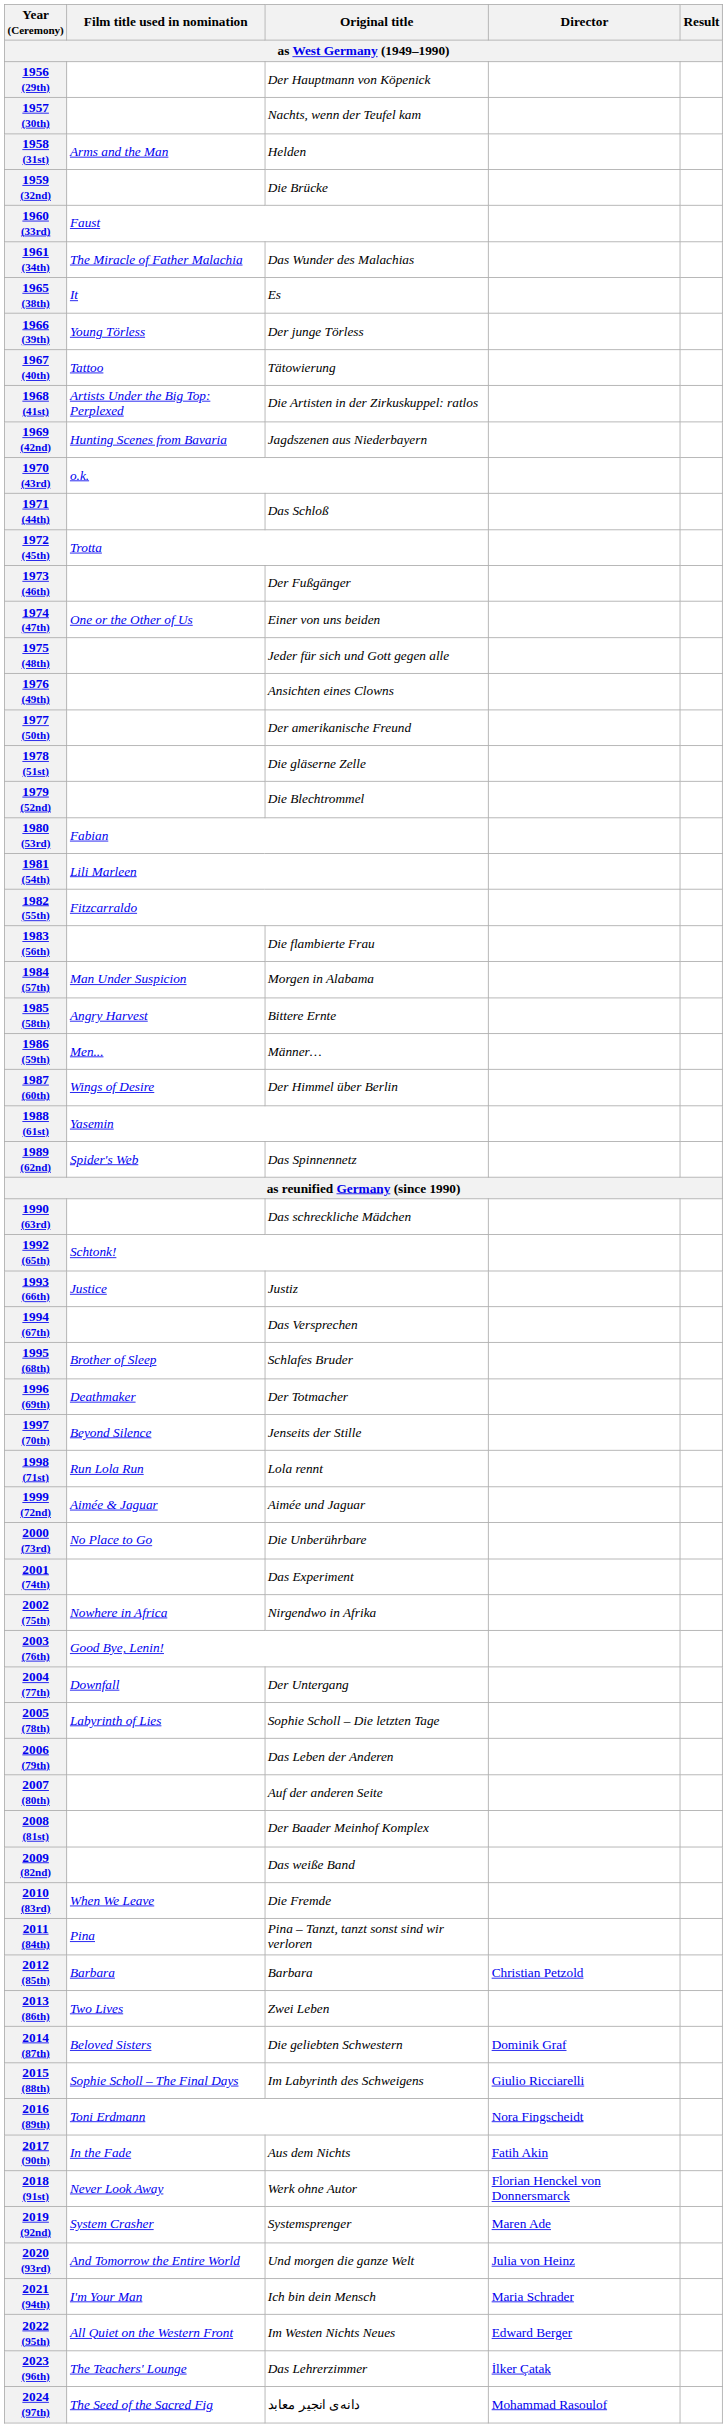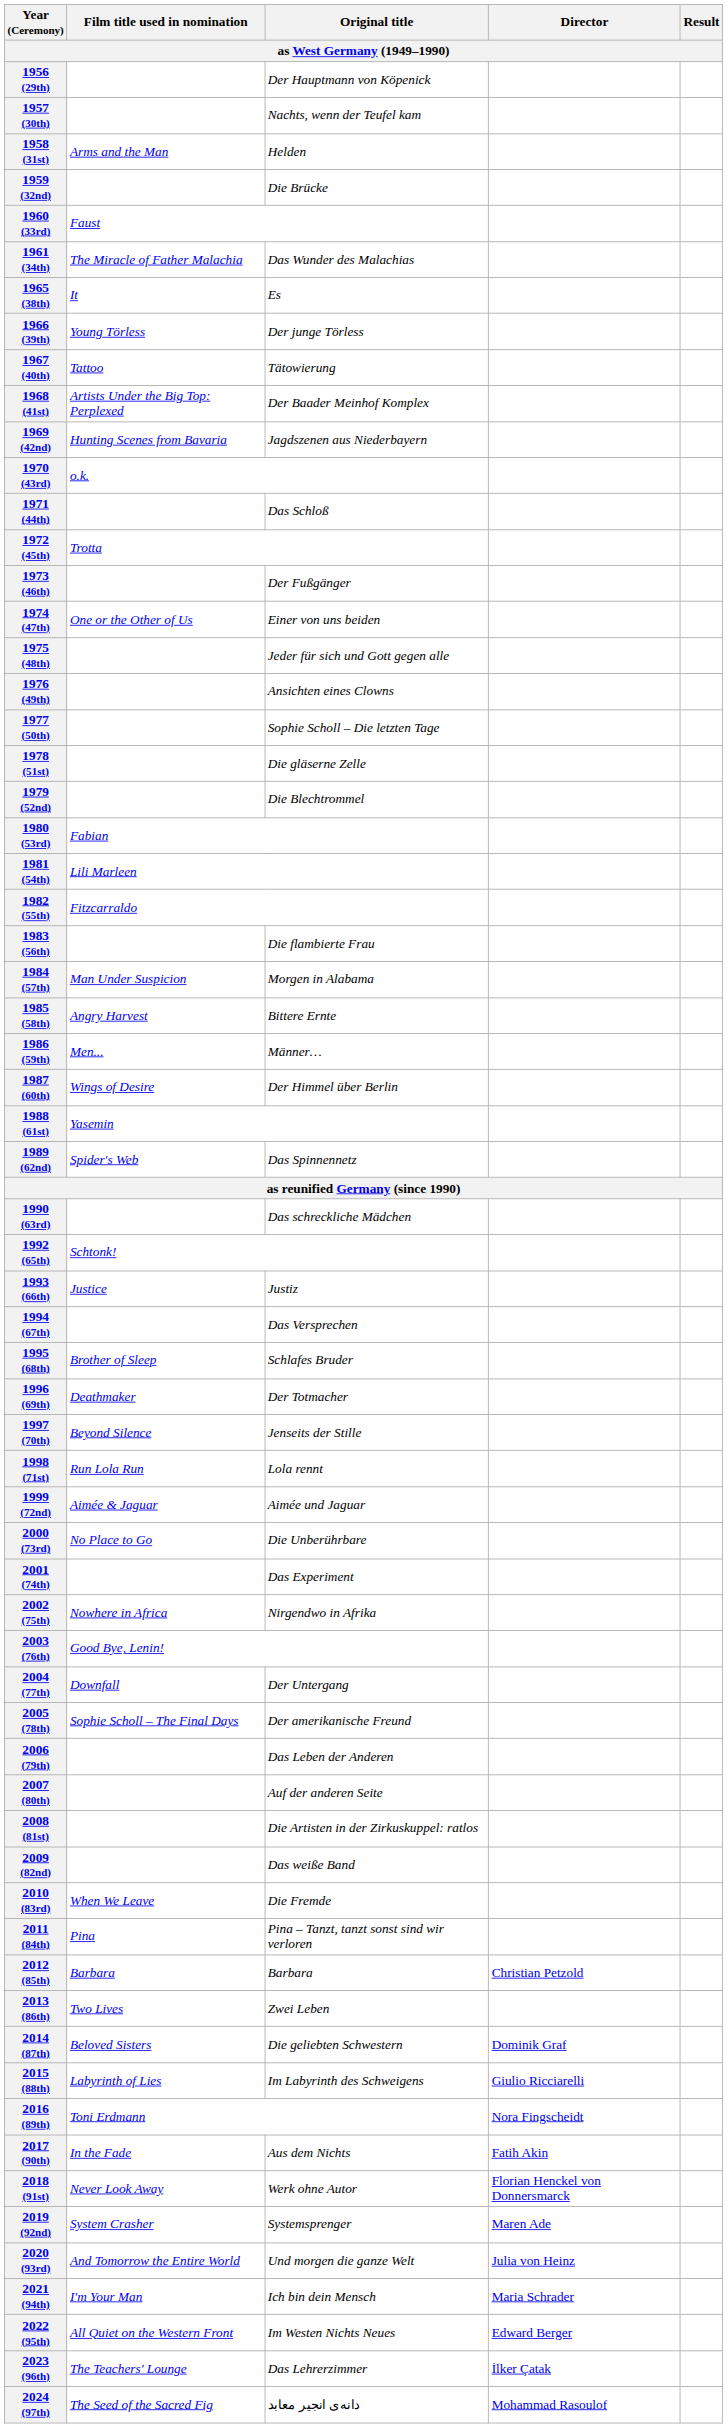 <table class="wikitable" width="98%" style="background:#ffffff;">
 <tr>
 <th>Year<br><small>(Ceremony)</small></th>
 <th>Film title used in nomination</th>
 <th>Original title</th>
 <th>Director</th>
 <th>Result</th>
 </tr>
 <tr>
 <th colspan="5">as <a href='#'>West Germany</a> (1949–1990)</th>
 </tr>
 <tr>
 <th align="center"><a href='#'>1956</a><br><small><a href='#'>(29th)</a></small></th>
 <td></td>
 <td><em>Der Hauptmann von Köpenick</em></td>
 <td></td>
 <td></td>
 </tr>
 <tr>
 <th align="center"><a href='#'>1957</a><br><small><a href='#'>(30th)</a></small></th>
 <td></td>
 <td><em>Nachts, wenn der Teufel kam</em></td>
 <td></td>
 <td></td>
 </tr>
 <tr>
 <th align="center"><a href='#'>1958</a><br><small><a href='#'>(31st)</a></small></th>
 <td><em><a href='#'>Arms and the Man</a></em></td>
 <td><em>Helden</em></td>
 <td></td>
 <td></td>
 </tr>
 <tr>
 <th align="center"><a href='#'>1959</a><br><small><a href='#'>(32nd)</a></small></th>
 <td></td>
 <td><em>Die Brücke</em></td>
 <td></td>
 <td></td>
 </tr>
 <tr>
 <th align="center"><a href='#'>1960</a><br><small><a href='#'>(33rd)</a></small></th>
 <td colspan="2"><em><a href='#'>Faust</a></em></td>
 <td></td>
 <td></td>
 </tr>
 <tr>
 <th align="center"><a href='#'>1961</a><br><small><a href='#'>(34th)</a></small></th>
 <td><em><a href='#'>The Miracle of Father Malachia</a></em></td>
 <td><em>Das Wunder des Malachias</em></td>
 <td></td>
 <td></td>
 </tr>
 <tr>
 <th align="center"><a href='#'>1965</a><br><small><a href='#'>(38th)</a></small></th>
 <td><em><a href='#'>It</a></em></td>
 <td><em>Es</em></td>
 <td></td>
 <td></td>
 </tr>
 <tr>
 <th align="center"><a href='#'>1966</a><br><small><a href='#'>(39th)</a></small></th>
 <td><em><a href='#'>Young Törless</a></em></td>
 <td><em>Der junge Törless</em></td>
 <td></td>
 <td></td>
 </tr>
 <tr>
 <th align="center"><a href='#'>1967</a><br><small><a href='#'>(40th)</a></small></th>
 <td><em><a href='#'>Tattoo</a></em></td>
 <td><em>Tätowierung</em></td>
 <td></td>
 <td></td>
 </tr>
 <tr>
 <th align="center"><a href='#'>1968</a><br><small><a href='#'>(41st)</a></small></th>
 <td><em><a href='#'>Artists Under the Big Top: Perplexed</a></em></td>
-<td><em>Die Artisten in der Zirkuskuppel: ratlos</em></td>
+<td><em>Der Baader Meinhof Komplex</em></td>
 <td></td>
 <td></td>
 </tr>
 <tr>
 <th align="center"><a href='#'>1969</a><br><small><a href='#'>(42nd)</a></small></th>
 <td><em><a href='#'>Hunting Scenes from Bavaria</a></em></td>
 <td><em>Jagdszenen aus Niederbayern</em></td>
 <td></td>
 <td></td>
 </tr>
 <tr>
 <th align="center"><a href='#'>1970</a><br><small><a href='#'>(43rd)</a></small></th>
 <td colspan="2"><em><a href='#'>o.k.</a></em></td>
 <td></td>
 <td></td>
 </tr>
 <tr>
 <th align="center"><a href='#'>1971</a><br><small><a href='#'>(44th)</a></small></th>
 <td></td>
 <td><em>Das Schloß</em></td>
 <td></td>
 <td></td>
 </tr>
 <tr>
 <th align="center"><a href='#'>1972</a><br><small><a href='#'>(45th)</a></small></th>
 <td colspan="2"><em><a href='#'>Trotta</a></em></td>
 <td></td>
 <td></td>
 </tr>
 <tr>
 <th align="center"><a href='#'>1973</a><br><small><a href='#'>(46th)</a></small></th>
 <td></td>
 <td><em>Der Fußgänger</em></td>
 <td></td>
 <td></td>
 </tr>
 <tr>
 <th align="center"><a href='#'>1974</a><br><small><a href='#'>(47th)</a></small></th>
 <td><em><a href='#'>One or the Other of Us</a></em></td>
 <td><em>Einer von uns beiden</em></td>
 <td></td>
 <td></td>
 </tr>
 <tr>
 <th align="center"><a href='#'>1975</a><br><small><a href='#'>(48th)</a></small></th>
 <td></td>
 <td><em>Jeder für sich und Gott gegen alle</em></td>
 <td></td>
 <td></td>
 </tr>
 <tr>
 <th align="center"><a href='#'>1976</a><br><small><a href='#'>(49th)</a></small></th>
 <td></td>
 <td><em>Ansichten eines Clowns</em></td>
 <td></td>
 <td></td>
 </tr>
 <tr>
 <th align="center"><a href='#'>1977</a><br><small><a href='#'>(50th)</a></small></th>
 <td></td>
-<td><em>Der amerikanische Freund</em></td>
+<td><em>Sophie Scholl – Die letzten Tage</em></td>
 <td></td>
 <td></td>
 </tr>
 <tr>
 <th align="center"><a href='#'>1978</a><br><small><a href='#'>(51st)</a></small></th>
 <td></td>
 <td><em>Die gläserne Zelle</em></td>
 <td></td>
 <td></td>
 </tr>
 <tr>
 <th align="center"><a href='#'>1979</a><br><small><a href='#'>(52nd)</a></small></th>
 <td></td>
 <td><em>Die Blechtrommel</em></td>
 <td></td>
 <td></td>
 </tr>
 <tr>
 <th align="center"><a href='#'>1980</a><br><small><a href='#'>(53rd)</a></small></th>
 <td colspan="2"><em><a href='#'>Fabian</a></em></td>
 <td></td>
 <td></td>
 </tr>
 <tr>
 <th align="center"><a href='#'>1981</a><br><small><a href='#'>(54th)</a></small></th>
 <td colspan="2"><em><a href='#'>Lili Marleen</a></em></td>
 <td></td>
 <td></td>
 </tr>
 <tr>
 <th align="center"><a href='#'>1982</a><br><small><a href='#'>(55th)</a></small></th>
 <td colspan="2"><em><a href='#'>Fitzcarraldo</a></em></td>
 <td></td>
 <td></td>
 </tr>
 <tr>
 <th align="center"><a href='#'>1983</a><br><small><a href='#'>(56th)</a></small></th>
 <td></td>
 <td><em>Die flambierte Frau</em></td>
 <td></td>
 <td></td>
 </tr>
 <tr>
 <th align="center"><a href='#'>1984</a><br><small><a href='#'>(57th)</a></small></th>
 <td><em><a href='#'>Man Under Suspicion</a></em></td>
 <td><em>Morgen in Alabama</em></td>
 <td></td>
 <td></td>
 </tr>
 <tr>
 <th align="center"><a href='#'>1985</a><br><small><a href='#'>(58th)</a></small></th>
 <td><em><a href='#'>Angry Harvest</a></em></td>
 <td><em>Bittere Ernte</em></td>
 <td></td>
 <td></td>
 </tr>
 <tr>
 <th align="center"><a href='#'>1986</a><br><small><a href='#'>(59th)</a></small></th>
 <td><em><a href='#'>Men...</a></em></td>
 <td><em>Männer…</em></td>
 <td></td>
 <td></td>
 </tr>
 <tr>
 <th align="center"><a href='#'>1987</a><br><small><a href='#'>(60th)</a></small></th>
 <td><em><a href='#'>Wings of Desire</a></em></td>
 <td><em>Der Himmel über Berlin</em></td>
 <td></td>
 <td></td>
 </tr>
 <tr>
 <th align="center"><a href='#'>1988</a><br><small><a href='#'>(61st)</a></small></th>
 <td colspan="2"><em><a href='#'>Yasemin</a></em></td>
 <td></td>
 <td></td>
 </tr>
 <tr>
 <th align="center"><a href='#'>1989</a><br><small><a href='#'>(62nd)</a></small></th>
 <td><em><a href='#'>Spider's Web</a></em></td>
 <td><em>Das Spinnennetz</em></td>
 <td></td>
 <td></td>
 </tr>
 <tr>
 <th colspan="5">as reunified <a href='#'>Germany</a> (since 1990)</th>
 </tr>
 <tr>
 <th align="center"><a href='#'>1990</a><br><small><a href='#'>(63rd)</a></small></th>
 <td></td>
 <td><em>Das schreckliche Mädchen</em></td>
 <td></td>
 <td></td>
 </tr>
 <tr>
 <th align="center"><a href='#'>1992</a><br><small><a href='#'>(65th)</a></small></th>
 <td colspan="2"><em><a href='#'>Schtonk!</a></em></td>
 <td></td>
 <td></td>
 </tr>
 <tr>
 <th align="center"><a href='#'>1993</a><br><small><a href='#'>(66th)</a></small></th>
 <td><em><a href='#'>Justice</a></em></td>
 <td><em>Justiz</em></td>
 <td></td>
 <td></td>
 </tr>
 <tr>
 <th align="center"><a href='#'>1994</a><br><small><a href='#'>(67th)</a></small></th>
 <td></td>
 <td><em>Das Versprechen</em></td>
 <td></td>
 <td></td>
 </tr>
 <tr>
 <th align="center"><a href='#'>1995</a><br><small><a href='#'>(68th)</a></small></th>
 <td><em><a href='#'>Brother of Sleep</a></em></td>
 <td><em>Schlafes Bruder</em></td>
 <td></td>
 <td></td>
 </tr>
 <tr>
 <th align="center"><a href='#'>1996</a><br><small><a href='#'>(69th)</a></small></th>
 <td><em><a href='#'>Deathmaker</a></em></td>
 <td><em>Der Totmacher</em></td>
 <td></td>
 <td></td>
 </tr>
 <tr>
 <th align="center"><a href='#'>1997</a><br><small><a href='#'>(70th)</a></small></th>
 <td><em><a href='#'>Beyond Silence</a></em></td>
 <td><em>Jenseits der Stille</em></td>
 <td></td>
 <td></td>
 </tr>
 <tr>
 <th align="center"><a href='#'>1998</a><br><small><a href='#'>(71st)</a></small></th>
 <td><em><a href='#'>Run Lola Run</a></em></td>
 <td><em>Lola rennt</em></td>
 <td></td>
 <td></td>
 </tr>
 <tr>
 <th align="center"><a href='#'>1999</a><br><small><a href='#'>(72nd)</a></small></th>
 <td><em><a href='#'>Aimée & Jaguar</a></em></td>
 <td><em>Aimée und Jaguar</em></td>
 <td></td>
 <td></td>
 </tr>
 <tr>
 <th align="center"><a href='#'>2000</a><br><small><a href='#'>(73rd)</a></small></th>
 <td><em><a href='#'>No Place to Go</a></em></td>
 <td><em>Die Unberührbare</em></td>
 <td></td>
 <td></td>
 </tr>
 <tr>
 <th align="center"><a href='#'>2001</a><br><small><a href='#'>(74th)</a></small></th>
 <td></td>
 <td><em>Das Experiment</em></td>
 <td></td>
 <td></td>
 </tr>
 <tr>
 <th align="center"><a href='#'>2002</a><br><small><a href='#'>(75th)</a></small></th>
 <td><em><a href='#'>Nowhere in Africa</a></em></td>
 <td><em>Nirgendwo in Afrika</em></td>
 <td></td>
 <td></td>
 </tr>
 <tr>
 <th align="center"><a href='#'>2003</a><br><small><a href='#'>(76th)</a></small></th>
 <td colspan="2"><em><a href='#'>Good Bye, Lenin!</a></em></td>
 <td></td>
 <td></td>
 </tr>
 <tr>
 <th align="center"><a href='#'>2004</a><br><small><a href='#'>(77th)</a></small></th>
 <td><em><a href='#'>Downfall</a></em></td>
 <td><em>Der Untergang</em></td>
 <td></td>
 <td></td>
 </tr>
 <tr>
 <th align="center"><a href='#'>2005</a><br><small><a href='#'>(78th)</a></small></th>
-<td><em><a href='#'>Labyrinth of Lies</a></em></td>
-<td><em>Sophie Scholl – Die letzten Tage</em></td>
+<td><em><a href='#'>Sophie Scholl – The Final Days</a></em></td>
+<td><em>Der amerikanische Freund</em></td>
 <td></td>
 <td></td>
 </tr>
 <tr>
 <th align="center"><a href='#'>2006</a><br><small><a href='#'>(79th)</a></small></th>
 <td></td>
 <td><em>Das Leben der Anderen</em></td>
 <td></td>
 <td></td>
 </tr>
 <tr>
 <th align="center"><a href='#'>2007</a><br><small><a href='#'>(80th)</a></small></th>
 <td></td>
 <td><em>Auf der anderen Seite</em></td>
 <td></td>
 <td></td>
 </tr>
 <tr>
 <th align="center"><a href='#'>2008</a><br><small><a href='#'>(81st)</a></small></th>
 <td></td>
-<td><em>Der Baader Meinhof Komplex</em></td>
+<td><em>Die Artisten in der Zirkuskuppel: ratlos</em></td>
 <td></td>
 <td></td>
 </tr>
 <tr>
 <th align="center"><a href='#'>2009</a><br><small><a href='#'>(82nd)</a></small></th>
 <td></td>
 <td><em>Das weiße Band</em></td>
 <td></td>
 <td></td>
 </tr>
 <tr>
 <th align="center"><a href='#'>2010</a><br><small><a href='#'>(83rd)</a></small></th>
 <td><em><a href='#'>When We Leave</a></em></td>
 <td><em>Die Fremde</em></td>
 <td></td>
 <td></td>
 </tr>
 <tr>
 <th align="center"><a href='#'>2011</a><br><small><a href='#'>(84th)</a></small></th>
 <td><em><a href='#'>Pina</a></em></td>
 <td><em>Pina – Tanzt, tanzt sonst sind wir verloren</em></td>
 <td></td>
 <td></td>
 </tr>
 <tr>
 <th align="center"><a href='#'>2012</a><br><small><a href='#'>(85th)</a></small></th>
 <td><em><a href='#'>Barbara</a></em></td>
 <td><em>Barbara</em></td>
 <td><a href='#'>Christian Petzold</a></td>
 <td></td>
 </tr>
 <tr>
 <th align="center"><a href='#'>2013</a><br><small><a href='#'>(86th)</a></small></th>
 <td><em><a href='#'>Two Lives</a></em></td>
 <td><em>Zwei Leben</em></td>
 <td></td>
 <td></td>
 </tr>
 <tr>
 <th align="center"><a href='#'>2014</a><br><small><a href='#'>(87th)</a></small></th>
 <td><em><a href='#'>Beloved Sisters</a></em></td>
 <td><em>Die geliebten Schwestern</em></td>
 <td><a href='#'>Dominik Graf</a></td>
 <td></td>
 </tr>
 <tr>
 <th align="center"><a href='#'>2015</a><br><small><a href='#'>(88th)</a></small></th>
-<td><em><a href='#'>Sophie Scholl – The Final Days</a></em></td>
+<td><em><a href='#'>Labyrinth of Lies</a></em></td>
 <td><em>Im Labyrinth des Schweigens</em></td>
 <td><a href='#'>Giulio Ricciarelli</a></td>
 <td></td>
 </tr>
 <tr>
 <th align="center"><a href='#'>2016</a><br><small><a href='#'>(89th)</a></small></th>
 <td colspan="2"><em><a href='#'>Toni Erdmann</a></em></td>
 <td><a href='#'>Nora Fingscheidt</a></td>
 <td></td>
 </tr>
 <tr>
 <th align="center"><a href='#'>2017</a><br><small><a href='#'>(90th)</a></small></th>
 <td><em><a href='#'>In the Fade</a></em></td>
 <td><em>Aus dem Nichts</em></td>
 <td><a href='#'>Fatih Akin</a></td>
 <td></td>
 </tr>
 <tr>
 <th align="center"><a href='#'>2018</a><br><small><a href='#'>(91st)</a></small></th>
 <td><em><a href='#'>Never Look Away</a></em></td>
 <td><em>Werk ohne Autor</em></td>
 <td><a href='#'>Florian Henckel von Donnersmarck</a></td>
 <td></td>
 </tr>
 <tr>
 <th align="center"><a href='#'>2019</a><br><small><a href='#'>(92nd)</a></small></th>
 <td><em><a href='#'>System Crasher</a></em></td>
 <td><em>Systemsprenger</em></td>
 <td><a href='#'>Maren Ade</a></td>
 <td></td>
 </tr>
 <tr>
 <th align="center"><a href='#'>2020</a><br><small><a href='#'>(93rd)</a></small></th>
 <td><em><a href='#'>And Tomorrow the Entire World</a></em></td>
 <td><em>Und morgen die ganze Welt</em></td>
 <td><a href='#'>Julia von Heinz</a></td>
 <td></td>
 </tr>
 <tr>
 <th align="center"><a href='#'>2021</a><br><small><a href='#'>(94th)</a></small></th>
 <td><em><a href='#'>I'm Your Man</a></em></td>
 <td><em>Ich bin dein Mensch</em></td>
 <td><a href='#'>Maria Schrader</a></td>
 <td></td>
 </tr>
 <tr>
 <th align="center"><a href='#'>2022</a><br><small><a href='#'>(95th)</a></small></th>
 <td><em><a href='#'>All Quiet on the Western Front</a></em></td>
 <td><em>Im Westen Nichts Neues</em></td>
 <td><a href='#'>Edward Berger</a></td>
 <td></td>
 </tr>
 <tr>
 <th align="center"><a href='#'>2023</a><br><small><a href='#'>(96th)</a></small></th>
 <td><em><a href='#'>The Teachers' Lounge</a></em></td>
 <td><em>Das Lehrerzimmer</em></td>
 <td><a href='#'>İlker Çatak</a></td>
 <td></td>
 </tr>
 <tr>
 <th align="center"><a href='#'>2024</a><br><small><a href='#'>(97th)</a></small></th>
 <td><em><a href='#'>The Seed of the Sacred Fig</a></em></td>
 <td>دانه‌ی انجیر معابد</td>
 <td><a href='#'>Mohammad Rasoulof</a></td>
 <td></td>
 </tr>
 </table>
